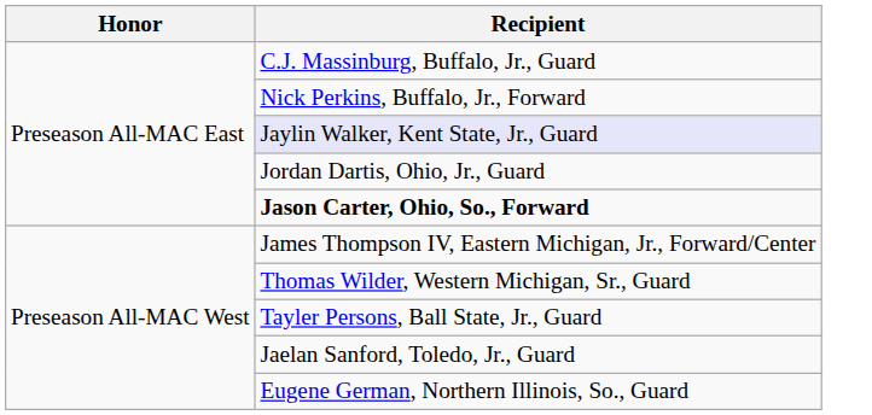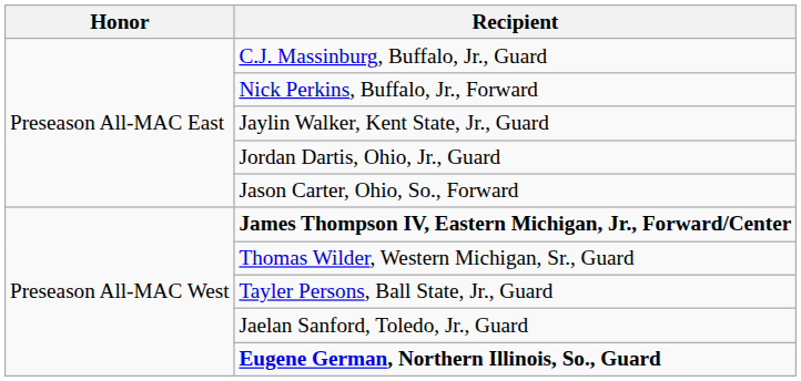 <table class="wikitable" border="1">
 <tr>
 <th>Honor</th>
 <th>Recipient</th>
 </tr>
 <tr>
 <td rowspan=5 valign=middle>Preseason All-MAC East</td>
 <td><a href='#'>C.J. Massinburg</a>, Buffalo, Jr., Guard</td>
 </tr>
 <tr>
 <td><a href='#'>Nick Perkins</a>, Buffalo, Jr., Forward</td>
 </tr>
 <tr>
-<td style="background: lavender;">Jaylin Walker, Kent State, Jr., Guard</td>
+<td>Jaylin Walker, Kent State, Jr., Guard</td>
 </tr>
 <tr>
 <td>Jordan Dartis, Ohio, Jr., Guard</td>
 </tr>
 <tr>
-<td><strong>Jason Carter, Ohio, So., Forward</strong></td>
+<td>Jason Carter, Ohio, So., Forward</td>
 </tr>
 <tr>
 <td rowspan=6 valign=middle>Preseason All-MAC West</td>
-<td>James Thompson IV, Eastern Michigan, Jr., Forward/Center</td>
+<td><strong>James Thompson IV, Eastern Michigan, Jr., Forward/Center</strong></td>
 </tr>
 <tr>
 <td><a href='#'>Thomas Wilder</a>, Western Michigan, Sr., Guard</td>
 </tr>
 <tr>
 <td><a href='#'>Tayler Persons</a>, Ball State, Jr., Guard</td>
 </tr>
 <tr>
 <td>Jaelan Sanford, Toledo, Jr., Guard</td>
 </tr>
 <tr>
-<td><a href='#'>Eugene German</a>, Northern Illinois, So., Guard</td>
+<td><strong><a href='#'>Eugene German</a>, Northern Illinois, So., Guard</strong></td>
 </tr>
 </table>
